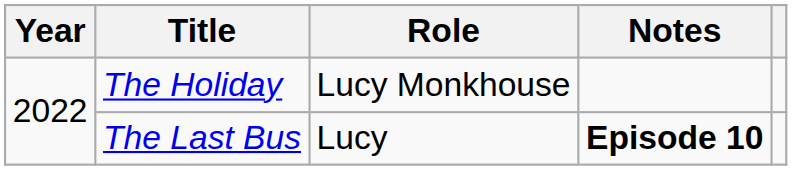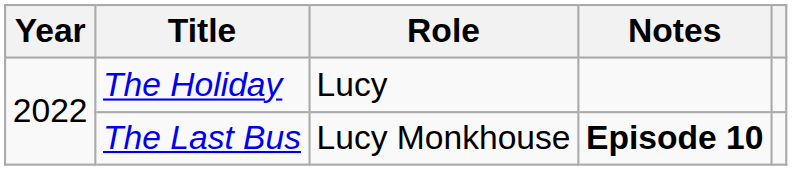 <table class="wikitable unsortable">
 <tr>
 <th>Year</th>
 <th>Title</th>
 <th>Role</th>
 <th>Notes</th>
 <th></th>
 </tr>
 <tr>
 <td rowspan=2>2022</td>
 <td><em><a href='#'>The Holiday</a></em></td>
-<td>Lucy Monkhouse</td>
+<td>Lucy</td>
 <td></td>
 <td></td>
 </tr>
 <tr>
 <td><em><a href='#'>The Last Bus</a></em></td>
-<td>Lucy</td>
+<td>Lucy Monkhouse</td>
 <td><strong>Episode 10</strong></td>
 <td></td>
 </tr>
 </table>
